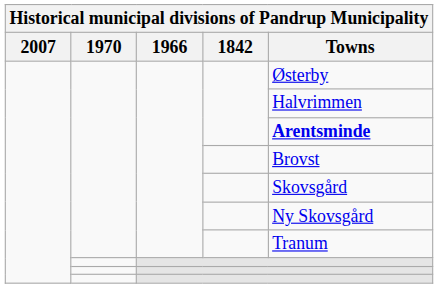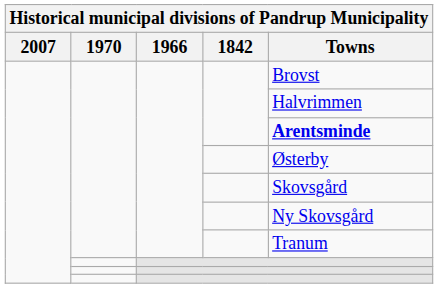 <table class="wikitable" style="margin-left:1em;" style="text-align: center">
 <tr>
 <th colspan="99">Historical municipal divisions of Pandrup Municipality</th>
 </tr>
 <tr>
 <th>2007</th>
 <th>1970</th>
 <th>1966</th>
 <th>1842</th>
 <th>Towns</th>
 </tr>
 <tr>
 <td rowspan="99"></td>
 <td rowspan="7"></td>
 <td rowspan="7"></td>
 <td colspan="1" rowspan="3"></td>
-<td><a href='#'>Østerby</a></td>
+<td><a href='#'>Brovst</a></td>
 </tr>
 <tr>
 <td><a href='#'>Halvrimmen</a></td>
 </tr>
 <tr>
 <td><strong><a href='#'>Arentsminde</a></strong></td>
 </tr>
 <tr>
 <td colspan="1"></td>
-<td><a href='#'>Brovst</a></td>
+<td><a href='#'>Østerby</a></td>
 </tr>
 <tr>
 <td colspan="1"></td>
 <td><a href='#'>Skovsgård</a></td>
 </tr>
 <tr>
 <td colspan="1"></td>
 <td><a href='#'>Ny Skovsgård</a></td>
 </tr>
 <tr>
 <td colspan="1"></td>
 <td><a href='#'>Tranum</a></td>
 </tr>
 <tr>
 <td></td>
 <td colspan="4" style="background:#E5E5E5;"></td>
 </tr>
 <tr>
 <td></td>
 <td colspan="4" style="background:#E5E5E5;"></td>
 </tr>
 <tr>
 <td></td>
 <td colspan="4" style="background:#E5E5E5;"></td>
 </tr>
 </table>
